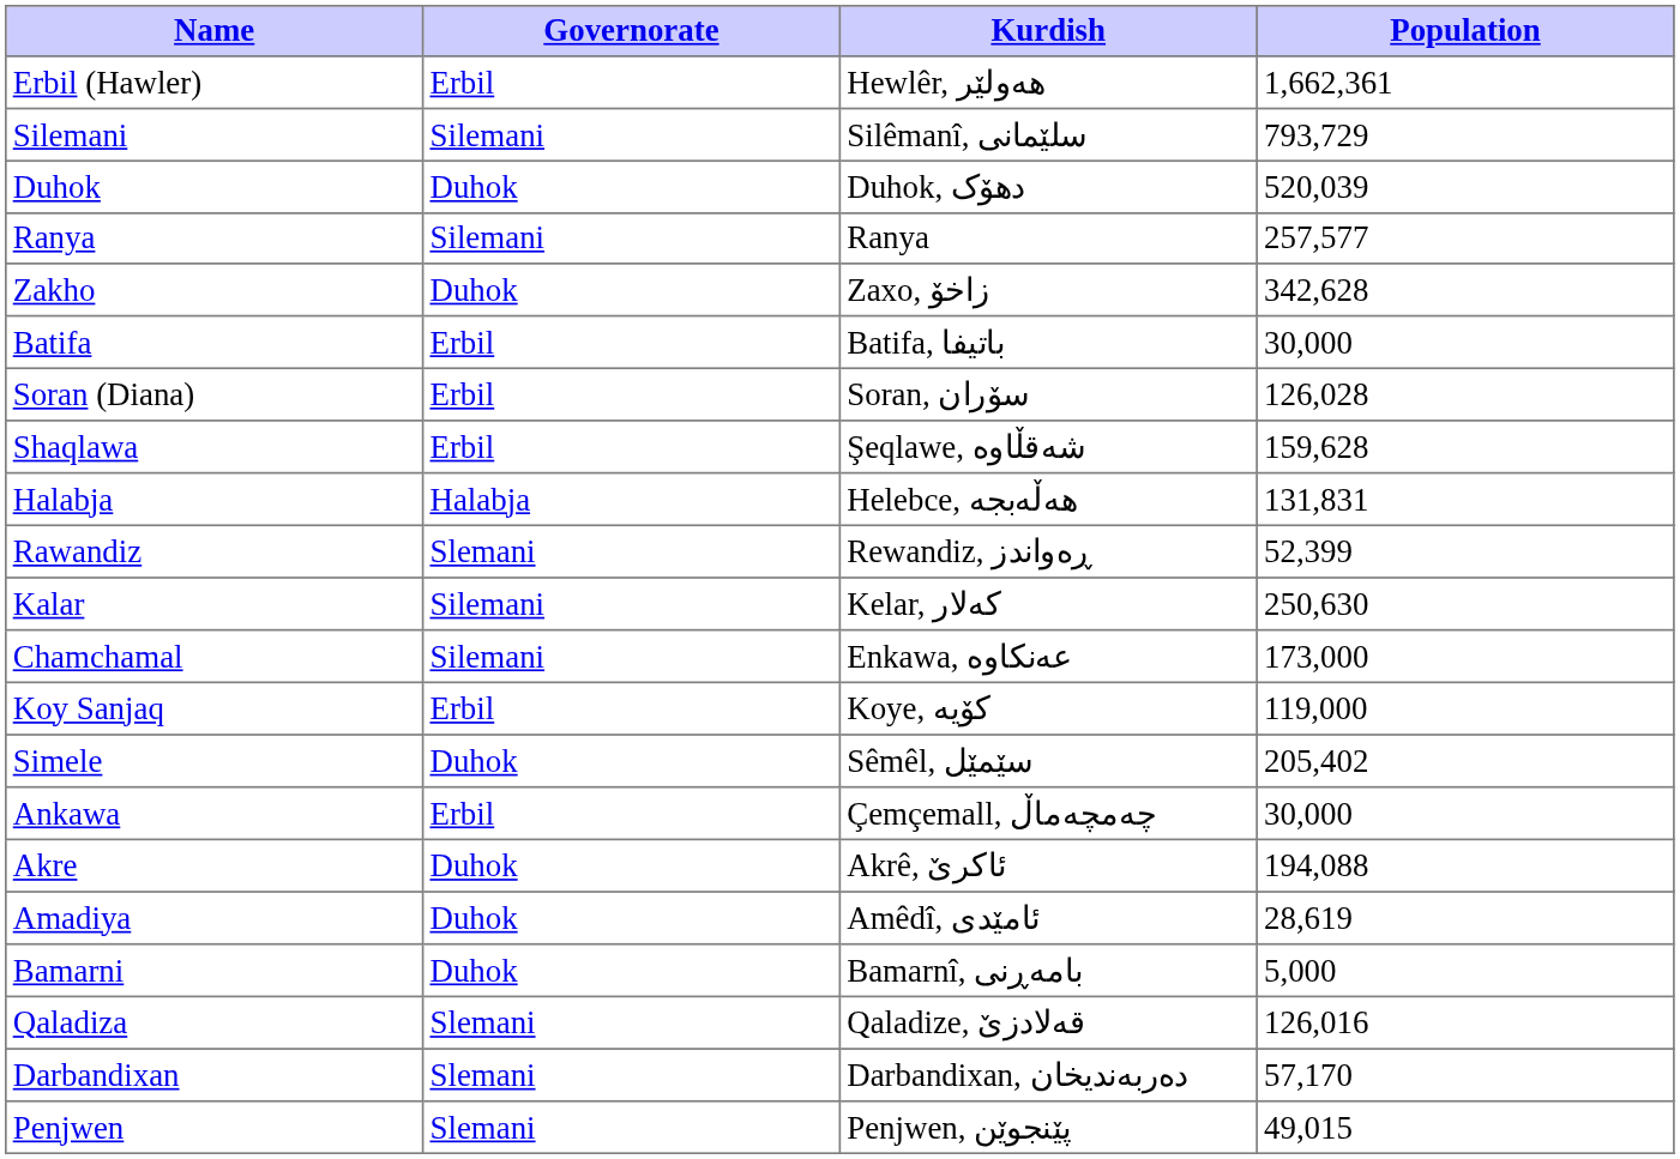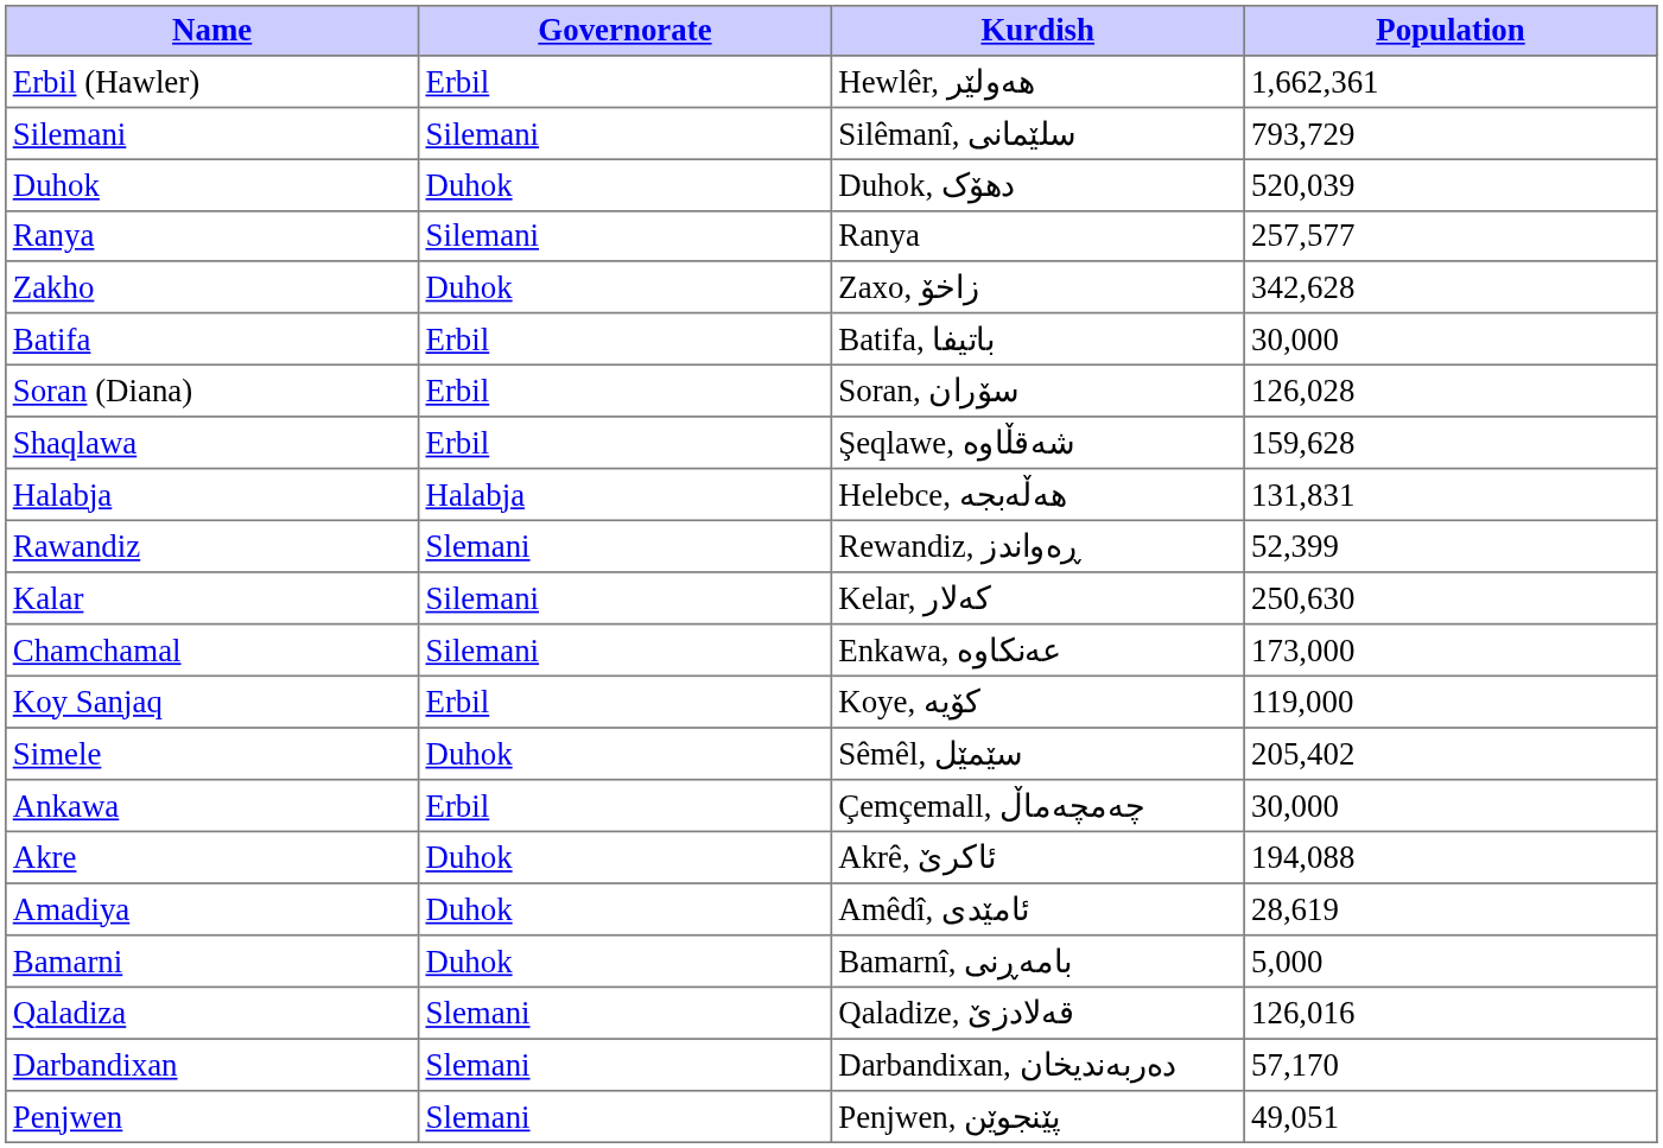 <table class="toccolours sortable" border="1" cellpadding="3" style="border-collapse:collapse">
 <tr bgcolor=#CCCCFF>
 <th width="200pt"><a href='#'>Name</a></th>
 <th width="200pt"><a href='#'>Governorate</a></th>
 <th width="200pt"><a href='#'>Kurdish</a></th>
 <th width="200pt"><a href='#'>Population</a></th>
 </tr>
 <tr>
 <td><a href='#'>Erbil</a> (Hawler)</td>
 <td><a href='#'>Erbil</a></td>
 <td>Hewlêr, ھەولێر</td>
 <td>1,662,361</td>
 </tr>
 <tr>
 <td><a href='#'>Silemani</a></td>
 <td><a href='#'>Silemani</a></td>
 <td>Silêmanî, سلێمانی</td>
 <td>793,729</td>
 </tr>
 <tr>
 <td><a href='#'>Duhok</a></td>
 <td><a href='#'>Duhok</a></td>
 <td>Duhok, دهۆک</td>
 <td>520,039</td>
 </tr>
 <tr>
 <td><a href='#'>Ranya</a></td>
 <td><a href='#'>Silemani</a></td>
 <td>Ranya</td>
 <td>257,577</td>
 </tr>
 <tr>
 <td><a href='#'>Zakho</a></td>
 <td><a href='#'>Duhok</a></td>
 <td>Zaxo, زاخۆ</td>
 <td>342,628</td>
 </tr>
 <tr>
 <td><a href='#'>Batifa</a></td>
 <td><a href='#'>Erbil</a></td>
 <td>Batifa, باتيفا</td>
 <td>30,000 </td>
 </tr>
 <tr>
 <td><a href='#'>Soran</a> (Diana)</td>
 <td><a href='#'>Erbil</a></td>
 <td>Soran, سۆران</td>
 <td>126,028</td>
 </tr>
 <tr>
 <td><a href='#'>Shaqlawa</a></td>
 <td><a href='#'>Erbil</a></td>
 <td>Şeqlawe, شەقڵاوە</td>
 <td>159,628</td>
 </tr>
 <tr>
 <td><a href='#'>Halabja</a></td>
 <td><a href='#'>Halabja</a></td>
 <td>Helebce, هه‌ڵه‌بجه</td>
 <td>131,831</td>
 </tr>
 <tr>
 <td><a href='#'>Rawandiz</a></td>
 <td><a href='#'>Slemani</a></td>
 <td>Rewandiz, ڕەواندز</td>
 <td>52,399</td>
 </tr>
 <tr>
 <td><a href='#'>Kalar</a></td>
 <td><a href='#'>Silemani</a></td>
 <td>Kelar, کەلار</td>
 <td>250,630</td>
 </tr>
 <tr>
 <td><a href='#'>Chamchamal</a></td>
 <td><a href='#'>Silemani</a></td>
 <td>Enkawa, عەنكاوە</td>
 <td>173,000</td>
 </tr>
 <tr>
 <td><a href='#'>Koy Sanjaq</a></td>
 <td><a href='#'>Erbil</a></td>
 <td>Koye, کۆیە</td>
 <td>119,000</td>
 </tr>
 <tr>
 <td><a href='#'>Simele</a></td>
 <td><a href='#'>Duhok</a></td>
 <td>Sêmêl, سێمێل</td>
 <td>205,402</td>
 </tr>
 <tr>
 <td><a href='#'>Ankawa</a></td>
 <td><a href='#'>Erbil</a></td>
 <td>Çemçemall, چه‌مچه‌ماڵ</td>
 <td>30,000</td>
 </tr>
 <tr>
 <td><a href='#'>Akre</a></td>
 <td><a href='#'>Duhok</a></td>
 <td>Akrê, ئاکرێ</td>
 <td>194,088</td>
 </tr>
 <tr>
 <td><a href='#'>Amadiya</a></td>
 <td><a href='#'>Duhok</a></td>
 <td>Amêdî, ئامێدی</td>
 <td>28,619</td>
 </tr>
 <tr>
 <td><a href='#'>Bamarni</a></td>
 <td><a href='#'>Duhok</a></td>
 <td>Bamarnî, بامەڕنی</td>
 <td>5,000</td>
 </tr>
 <tr>
 <td><a href='#'>Qaladiza</a></td>
 <td><a href='#'>Slemani</a></td>
 <td>Qaladize, قەلادزێ</td>
 <td>126,016</td>
 </tr>
 <tr>
 <td><a href='#'>Darbandixan</a></td>
 <td><a href='#'>Slemani</a></td>
 <td>Darbandixan, دەربەندیخان</td>
 <td>57,170</td>
 </tr>
 <tr>
 <td><a href='#'>Penjwen</a></td>
 <td><a href='#'>Slemani</a></td>
 <td>Penjwen, پێنجوێن</td>
-<td>49,015</td>
+<td>49,051</td>
 </tr>
 <tr>
 </tr>
 </table>
